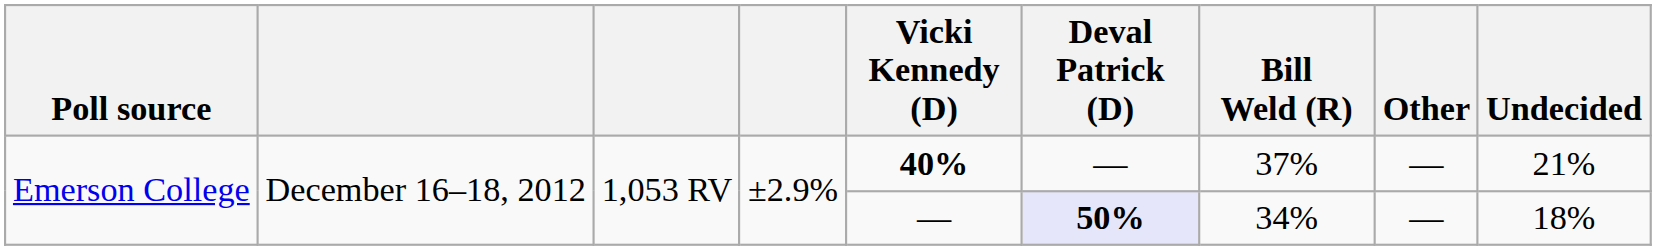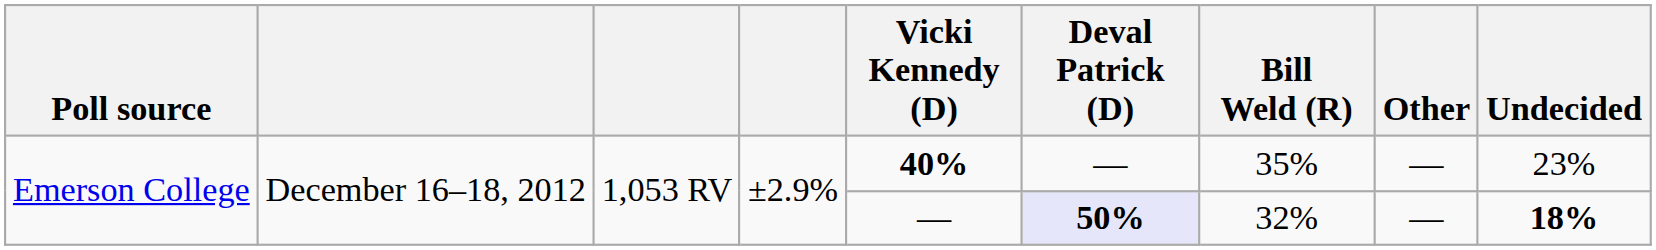 <table class="wikitable" style="text-align:center">
 <tr valign= bottom>
 <th>Poll source</th>
 <th></th>
 <th></th>
 <th></th>
 <th style="width:75px;">Vicki<br>Kennedy (D)</th>
 <th style="width:75px;">Deval<br>Patrick (D)</th>
 <th style="width:75px;">Bill<br>Weld (R)</th>
 <th>Other</th>
 <th>Undecided</th>
 </tr>
 <tr>
 <td align=left rowspan=2><a href='#'>Emerson College</a></td>
 <td rowspan=2>December 16–18, 2012</td>
 <td rowspan=2>1,053 RV</td>
 <td rowspan=2>±2.9%</td>
 <td><strong>40%</strong></td>
 <td>—</td>
-<td>37%</td>
+<td>35%</td>
 <td>—</td>
-<td>21%</td>
+<td>23%</td>
 </tr>
 <tr>
 <td>—</td>
 <td style="background: lavender;"><strong>50%</strong></td>
-<td>34%</td>
+<td>32%</td>
 <td>—</td>
-<td>18%</td>
+<td><strong>18%</strong></td>
 </tr>
 </table>
